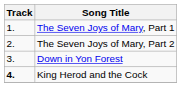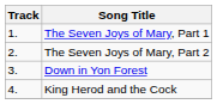 <table class="wikitable" style="font-size:95%;">
 <tr>
 <th>Track</th>
 <th>Song Title</th>
 </tr>
 <tr>
 <td>1.</td>
 <td><a href='#'>The Seven Joys of Mary</a>, Part 1</td>
 </tr>
 <tr>
 <td>2.</td>
 <td>The Seven Joys of Mary, Part 2</td>
 </tr>
 <tr>
 <td>3.</td>
 <td><a href='#'>Down in Yon Forest</a></td>
 </tr>
 <tr>
-<td><strong>4.</strong></td>
+<td>4.</td>
 <td>King Herod and the Cock</td>
 </tr>
 <tr>
 </tr>
 </table>
